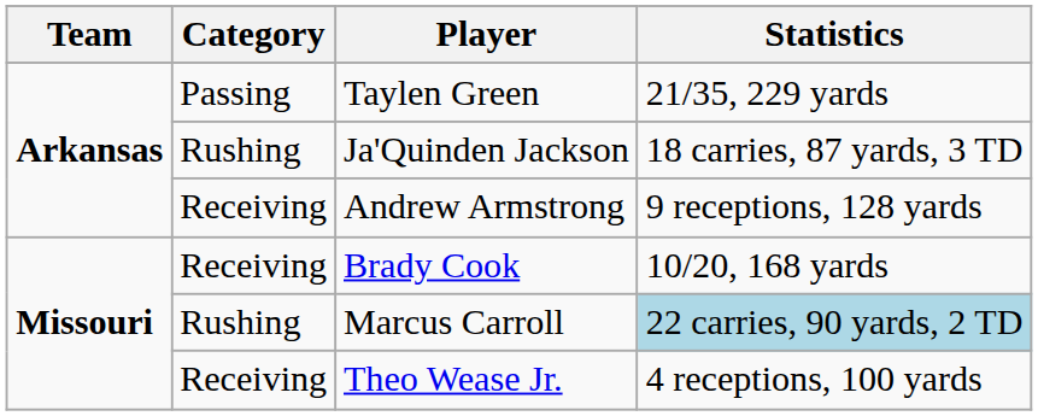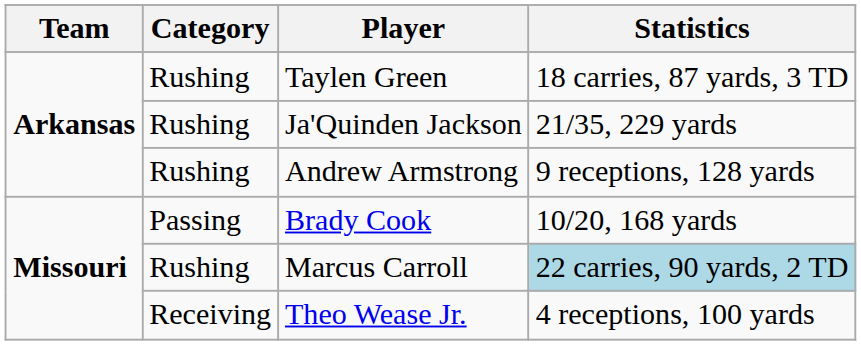 <table class="wikitable" style="float: right;">
 <tr>
 <th>Team</th>
 <th>Category</th>
 <th>Player</th>
 <th>Statistics</th>
 </tr>
 <tr>
 <td rowspan=3><strong>Arkansas</strong></td>
-<td>Passing</td>
+<td>Rushing</td>
 <td>Taylen Green</td>
+<td>18 carries, 87 yards, 3 TD</td>
+</tr>
+<tr>
+<td>Rushing</td>
+<td>Ja'Quinden Jackson</td>
 <td>21/35, 229 yards</td>
 </tr>
 <tr>
 <td>Rushing</td>
-<td>Ja'Quinden Jackson</td>
-<td>18 carries, 87 yards, 3 TD</td>
-</tr>
-<tr>
-<td>Receiving</td>
 <td>Andrew Armstrong</td>
 <td>9 receptions, 128 yards</td>
 </tr>
 <tr>
 <td rowspan=3><strong>Missouri</strong></td>
-<td>Receiving</td>
+<td>Passing</td>
 <td><a href='#'>Brady Cook</a></td>
 <td>10/20, 168 yards</td>
 </tr>
 <tr>
 <td>Rushing</td>
 <td>Marcus Carroll</td>
 <td style="background: lightblue;">22 carries, 90 yards, 2 TD</td>
 </tr>
 <tr>
 <td>Receiving</td>
 <td><a href='#'>Theo Wease Jr.</a></td>
 <td>4 receptions, 100 yards</td>
 </tr>
 </table>
